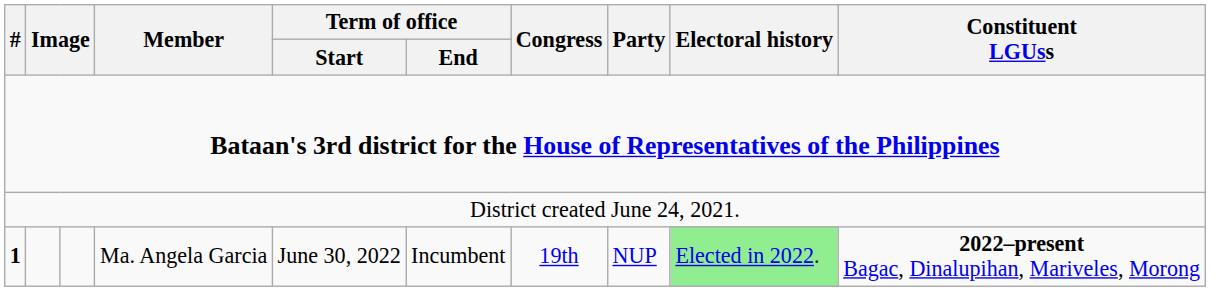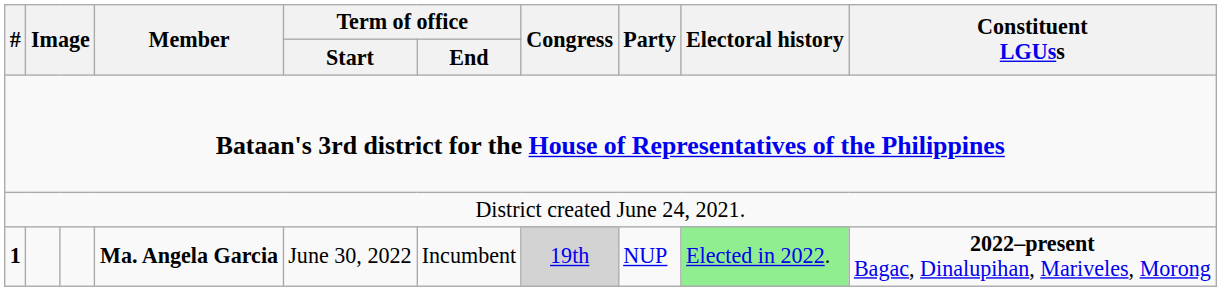 <table class=wikitable>
 <tr>
 <th rowspan="2">#</th>
 <th rowspan="2" colspan=2>Image</th>
 <th rowspan="2">Member</th>
 <th colspan=2>Term of office</th>
 <th rowspan="2">Congress</th>
 <th rowspan="2">Party</th>
 <th rowspan="2">Electoral history</th>
 <th rowspan="2">Constituent<br><a href='#'>LGUs</a>s</th>
 </tr>
 <tr>
 <th>Start</th>
 <th>End</th>
 </tr>
 <tr>
 <td colspan="10" style="text-align:center;"><br><h3>Bataan's 3rd district for the <a href='#'>House of Representatives of the Philippines</a></h3></td>
 </tr>
 <tr>
 <td colspan="10" style="text-align:center;">District created June 24, 2021.</td>
 </tr>
 <tr>
 <td style="text-align:center;"><strong>1</strong></td>
 <td style="color:inherit;background:"></td>
 <td></td>
-<td>Ma. Angela Garcia</td>
+<td><strong>Ma. Angela Garcia</strong></td>
 <td>June 30, 2022</td>
 <td>Incumbent</td>
-<td style="text-align:center;"><a href='#'>19th</a></td>
+<td style="background: lightgrey; text-align:center;"><a href='#'>19th</a></td>
 <td><a href='#'>NUP</a></td>
 <td style="background: lightgreen;"><a href='#'>Elected in 2022</a>.</td>
 <td rowspan="11" style="text-align:center;"><strong>2022–present</strong><br><a href='#'>Bagac</a>, <a href='#'>Dinalupihan</a>, <a href='#'>Mariveles</a>, <a href='#'>Morong</a></td>
 </tr>
 </table>
